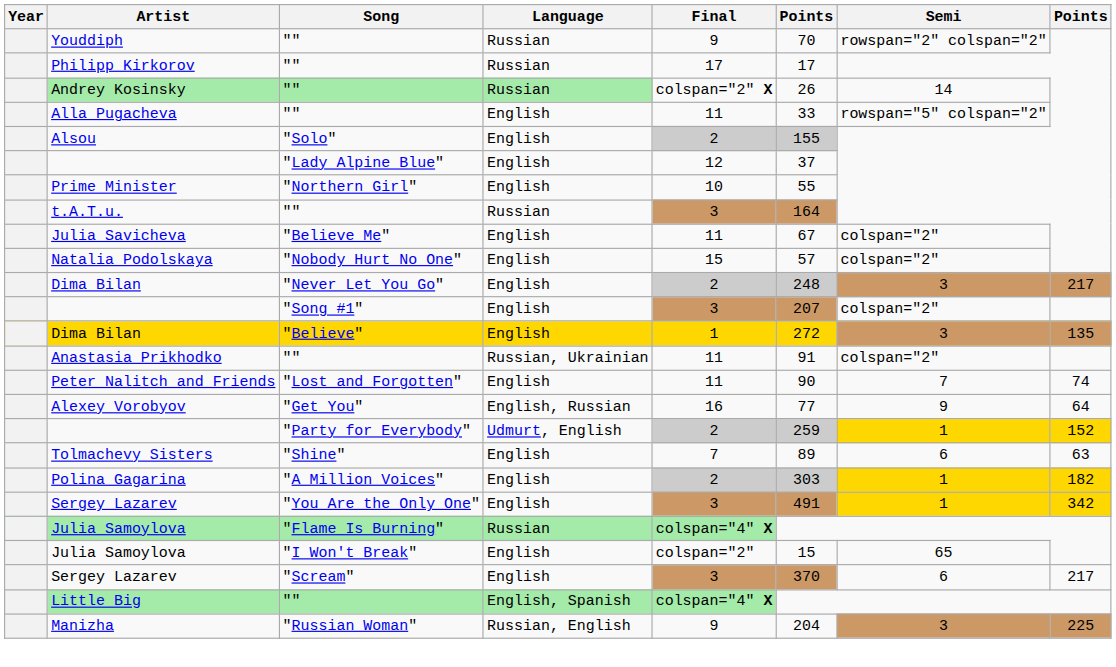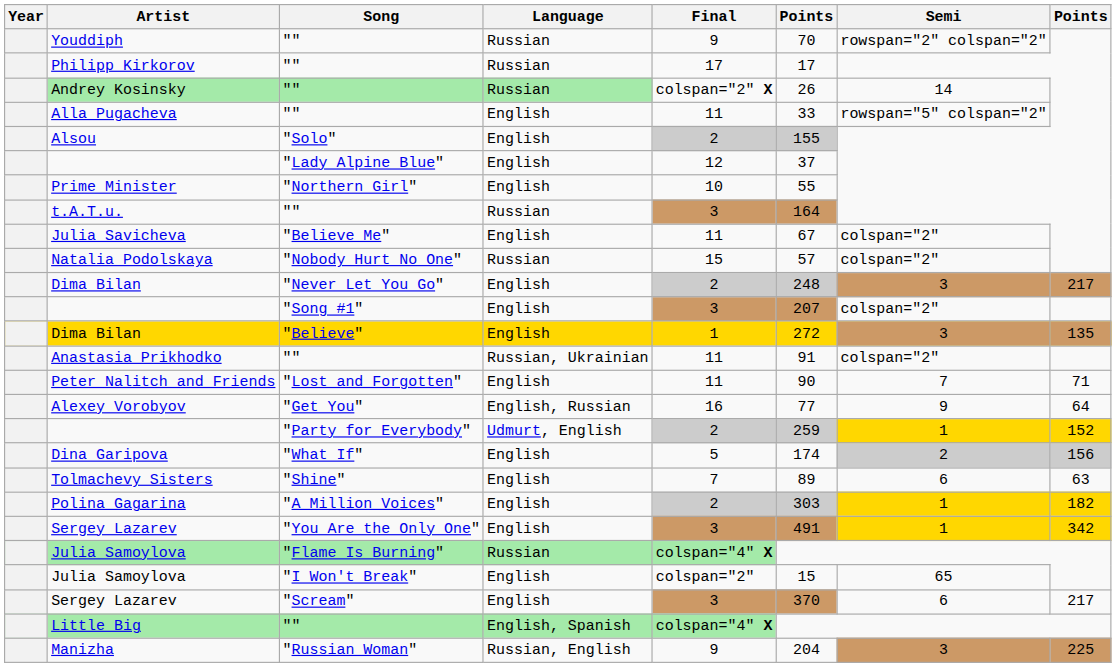 <table class="wikitable sortable plainrowheaders">
 <tr>
 <th scope="col">Year</th>
 <th scope="col">Artist</th>
 <th scope="col">Song</th>
 <th scope="col">Language</th>
 <th scope="col" data-sort-type="number">Final</th>
 <th scope="col" data-sort-type="number">Points</th>
 <th scope="col" data-sort-type="number">Semi</th>
 <th scope="col" data-sort-type="number">Points</th>
 </tr>
 <tr>
 <th scope="row" style="text-align:center;"></th>
 <td><a href='#'>Youddiph</a></td>
 <td>"" </td>
 <td>Russian</td>
 <td style="text-align:center;">9</td>
 <td style="text-align:center;">70</td>
 <td>rowspan="2" colspan="2" </td>
 </tr>
 <tr>
 <th scope="row" style="text-align:center;"></th>
 <td><a href='#'>Philipp Kirkorov</a></td>
 <td>"" </td>
 <td>Russian</td>
 <td style="text-align:center;">17</td>
 <td style="text-align:center;">17</td>
 </tr>
 <tr>
 <th scope="row" style="text-align:center;"></th>
 <td style="background-color:#A4EAA9;">Andrey Kosinsky</td>
 <td style="background-color:#A4EAA9;">"" </td>
 <td style="background-color:#A4EAA9;">Russian</td>
 <td>colspan="2"  <strong>X</strong></td>
 <td style="text-align:center;">26</td>
 <td style="text-align:center;">14</td>
 </tr>
 <tr>
 <th scope="row" style="text-align:center;"></th>
 <td><a href='#'>Alla Pugacheva</a></td>
 <td>"" </td>
 <td>English</td>
 <td style="text-align:center;">11</td>
 <td style="text-align:center;">33</td>
 <td>rowspan="5" colspan="2" </td>
 </tr>
 <tr>
 <th scope="row" style="text-align:center;"></th>
 <td><a href='#'>Alsou</a></td>
 <td>"<a href='#'>Solo</a>"</td>
 <td>English</td>
 <td style="text-align:center; background-color:#CCC;">2</td>
 <td style="text-align:center; background-color:#CCC;">155</td>
 </tr>
 <tr>
 <th scope="row" style="text-align:center;"></th>
 <td></td>
 <td>"<a href='#'>Lady Alpine Blue</a>"</td>
 <td>English</td>
 <td style="text-align:center;">12</td>
 <td style="text-align:center;">37</td>
 </tr>
 <tr>
 <th scope="row" style="text-align:center;"></th>
 <td><a href='#'>Prime Minister</a></td>
 <td>"<a href='#'>Northern Girl</a>"</td>
 <td>English</td>
 <td style="text-align:center;">10</td>
 <td style="text-align:center;">55</td>
 </tr>
 <tr>
 <th scope="row" style="text-align:center;"></th>
 <td><a href='#'>t.A.T.u.</a></td>
 <td>"" </td>
 <td>Russian</td>
 <td style="text-align:center; background-color:#C96;">3</td>
 <td style="text-align:center; background-color:#C96;">164</td>
 </tr>
 <tr>
 <th scope="row" style="text-align:center;"></th>
 <td><a href='#'>Julia Savicheva</a></td>
 <td>"<a href='#'>Believe Me</a>"</td>
 <td>English</td>
 <td style="text-align:center;">11</td>
 <td style="text-align:center;">67</td>
 <td>colspan="2" </td>
 </tr>
 <tr>
 <th scope="row" style="text-align:center;"></th>
 <td><a href='#'>Natalia Podolskaya</a></td>
 <td>"<a href='#'>Nobody Hurt No One</a>"</td>
-<td>English</td>
+<td>Russian</td>
 <td style="text-align:center;">15</td>
 <td style="text-align:center;">57</td>
 <td>colspan="2" </td>
 </tr>
 <tr>
 <th scope="row" style="text-align:center;"></th>
 <td><a href='#'>Dima Bilan</a></td>
 <td>"<a href='#'>Never Let You Go</a>"</td>
 <td>English</td>
 <td style="text-align:center; background-color:#CCC;">2</td>
 <td style="text-align:center; background-color:#CCC;">248</td>
 <td style="text-align:center; background-color:#C96;">3</td>
 <td style="text-align:center; background-color:#C96;">217</td>
 </tr>
 <tr>
 <th scope="row" style="text-align:center;"></th>
 <td></td>
 <td>"<a href='#'>Song #1</a>"</td>
 <td>English</td>
 <td style="text-align:center; background-color:#C96;">3</td>
 <td style="text-align:center; background-color:#C96;">207</td>
 <td>colspan="2" </td>
 </tr>
 <tr style="background-color:#FFD700;">
 <th scope="row" style="text-align:center;"></th>
 <td>Dima Bilan</td>
 <td>"<a href='#'>Believe</a>"</td>
 <td>English</td>
 <td style="text-align:center;">1</td>
 <td style="text-align:center;">272</td>
 <td style="text-align:center; background-color:#C96;">3</td>
 <td style="text-align:center; background-color:#C96;">135</td>
 </tr>
 <tr>
 <th scope="row" style="text-align:center;"></th>
 <td><a href='#'>Anastasia Prikhodko</a></td>
 <td>"" </td>
 <td>Russian, Ukrainian</td>
 <td style="text-align:center;">11</td>
 <td style="text-align:center;">91</td>
 <td>colspan="2"</td>
 </tr>
 <tr>
 <th scope="row" style="text-align:center;"></th>
 <td><a href='#'>Peter Nalitch and Friends</a></td>
 <td>"<a href='#'>Lost and Forgotten</a>"</td>
 <td>English</td>
 <td style="text-align:center;">11</td>
 <td style="text-align:center;">90</td>
 <td style="text-align:center;">7</td>
-<td style="text-align:center;">74</td>
+<td style="text-align:center;">71</td>
 </tr>
 <tr>
 <th scope="row" style="text-align:center;"></th>
 <td><a href='#'>Alexey Vorobyov</a></td>
 <td>"<a href='#'>Get You</a>"</td>
 <td>English, Russian</td>
 <td style="text-align:center;">16</td>
 <td style="text-align:center;">77</td>
 <td style="text-align:center;">9</td>
 <td style="text-align:center;">64</td>
 </tr>
 <tr>
 <th scope="row" style="text-align:center;"></th>
 <td></td>
 <td>"<a href='#'>Party for Everybody</a>"</td>
 <td><a href='#'>Udmurt</a>, English</td>
 <td style="text-align:center; background-color:#CCC;">2</td>
 <td style="text-align:center; background-color:#CCC;">259</td>
 <td style="text-align:center; background-color:#FFD700;">1</td>
 <td style="text-align:center; background-color:#FFD700;">152</td>
+</tr>
+<tr>
+<th scope="row" style="text-align:center;"></th>
+<td><a href='#'>Dina Garipova</a></td>
+<td>"<a href='#'>What If</a>"</td>
+<td>English</td>
+<td style="text-align:center;">5</td>
+<td style="text-align:center;">174</td>
+<td style="text-align:center; background-color:#CCC;">2</td>
+<td style="text-align:center; background-color:#CCC;">156</td>
 </tr>
 <tr>
 <th scope="row" style="text-align:center;"></th>
 <td><a href='#'>Tolmachevy Sisters</a></td>
 <td>"<a href='#'>Shine</a>"</td>
 <td>English</td>
 <td style="text-align:center;">7</td>
 <td style="text-align:center;">89</td>
 <td style="text-align:center;">6</td>
 <td style="text-align:center;">63</td>
 </tr>
 <tr>
 <th scope="row" style="text-align:center;"></th>
 <td><a href='#'>Polina Gagarina</a></td>
 <td>"<a href='#'>A Million Voices</a>"</td>
 <td>English</td>
 <td style="text-align:center; background-color:#CCC;">2</td>
 <td style="text-align:center; background-color:#CCC;">303</td>
 <td style="text-align:center; background-color:#FFD700;">1</td>
 <td style="text-align:center; background-color:#FFD700;">182</td>
 </tr>
 <tr>
 <th scope="row" style="text-align:center;"></th>
 <td><a href='#'>Sergey Lazarev</a></td>
 <td>"<a href='#'>You Are the Only One</a>"</td>
 <td>English</td>
 <td style="text-align:center; background-color:#C96;">3</td>
 <td style="text-align:center; background-color:#C96;">491</td>
 <td style="text-align:center; background-color:#FFD700;">1</td>
 <td style="text-align:center; background-color:#FFD700;">342</td>
 </tr>
 <tr style="background-color:#A4EAA9;">
 <th scope="row" style="text-align:center;"></th>
 <td><a href='#'>Julia Samoylova</a></td>
 <td>"<a href='#'>Flame Is Burning</a>"</td>
 <td>Russian</td>
 <td>colspan="4"  <strong>X</strong></td>
 </tr>
 <tr>
 <th scope="row" style="text-align:center;"></th>
 <td>Julia Samoylova</td>
 <td>"<a href='#'>I Won't Break</a>"</td>
 <td>English</td>
 <td>colspan="2" </td>
 <td style="text-align:center;">15</td>
 <td style="text-align:center;">65</td>
 </tr>
 <tr>
 <th scope="row" style="text-align:center;"></th>
 <td>Sergey Lazarev</td>
 <td>"<a href='#'>Scream</a>"</td>
 <td>English</td>
 <td style="text-align:center; background-color:#C96;">3</td>
 <td style="text-align:center; background-color:#C96;">370</td>
 <td style="text-align:center;">6</td>
 <td style="text-align:center;">217</td>
 </tr>
 <tr style="background:#A4EAA9">
 <th scope="row" style="text-align:center;"></th>
 <td><a href='#'>Little Big</a></td>
 <td>""</td>
 <td>English, Spanish</td>
 <td>colspan="4"  <strong>X</strong></td>
 </tr>
 <tr>
 <th scope="row" style="text-align:center;"></th>
 <td><a href='#'>Manizha</a></td>
 <td>"<a href='#'>Russian Woman</a>"</td>
 <td>Russian, English</td>
 <td style="text-align:center;">9</td>
 <td style="text-align:center;">204</td>
 <td style="text-align:center; background-color:#C96;">3</td>
 <td style="text-align:center; background-color:#C96;">225</td>
 </tr>
 </table>
